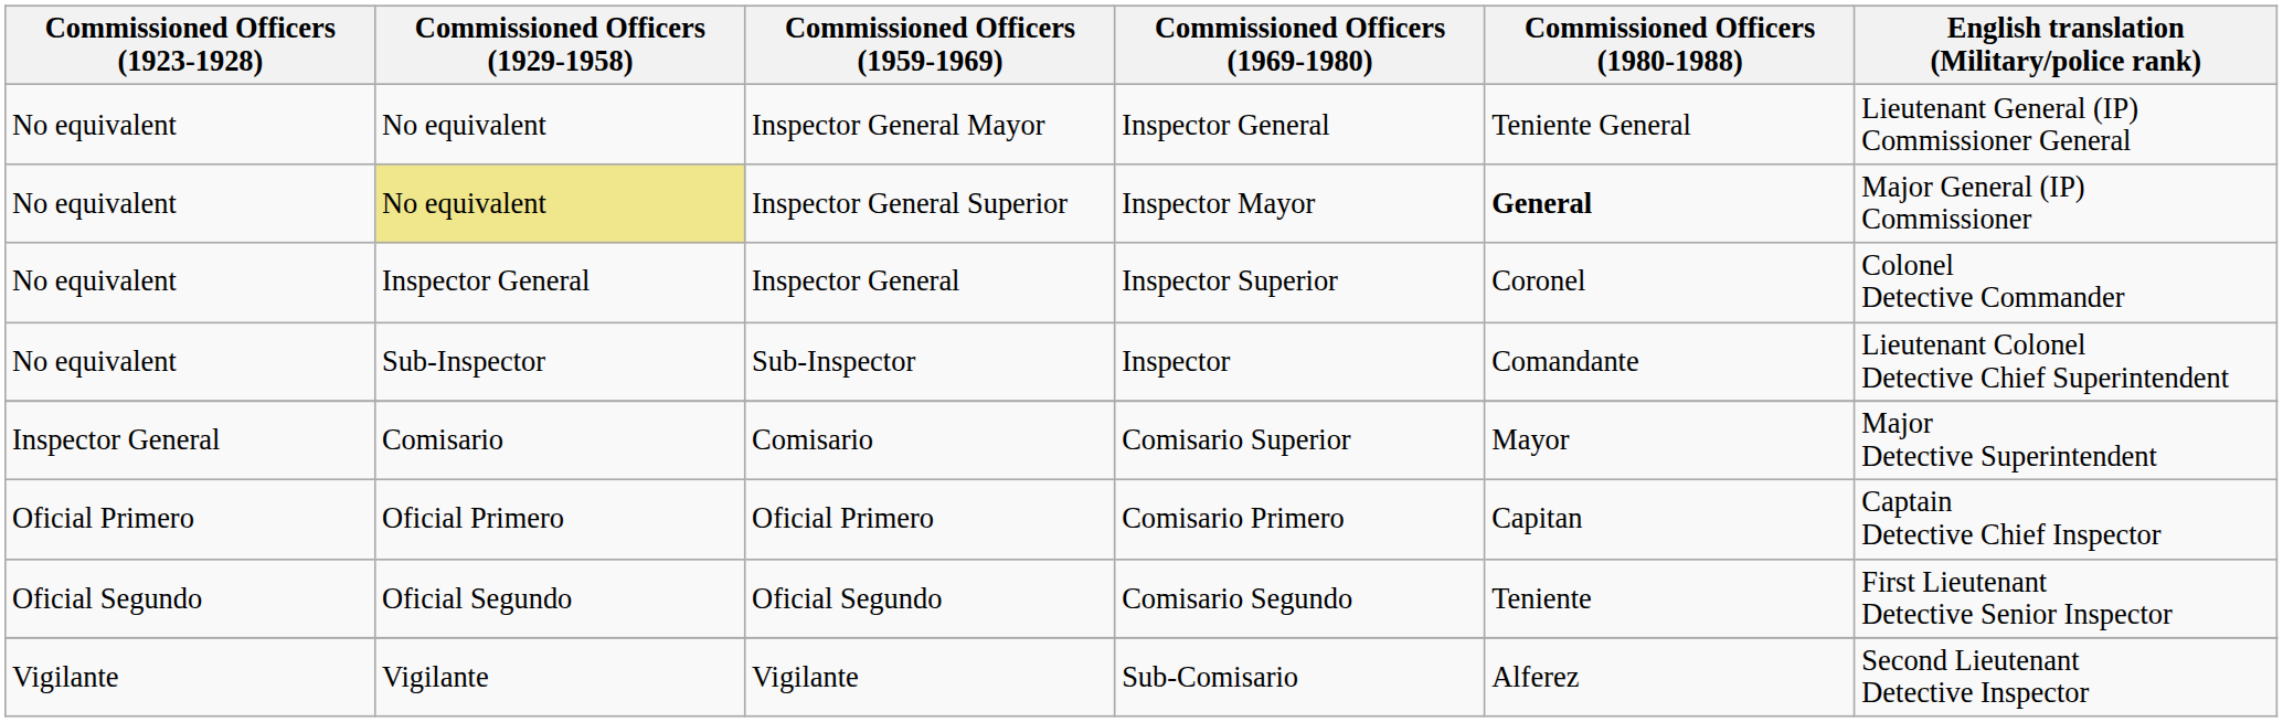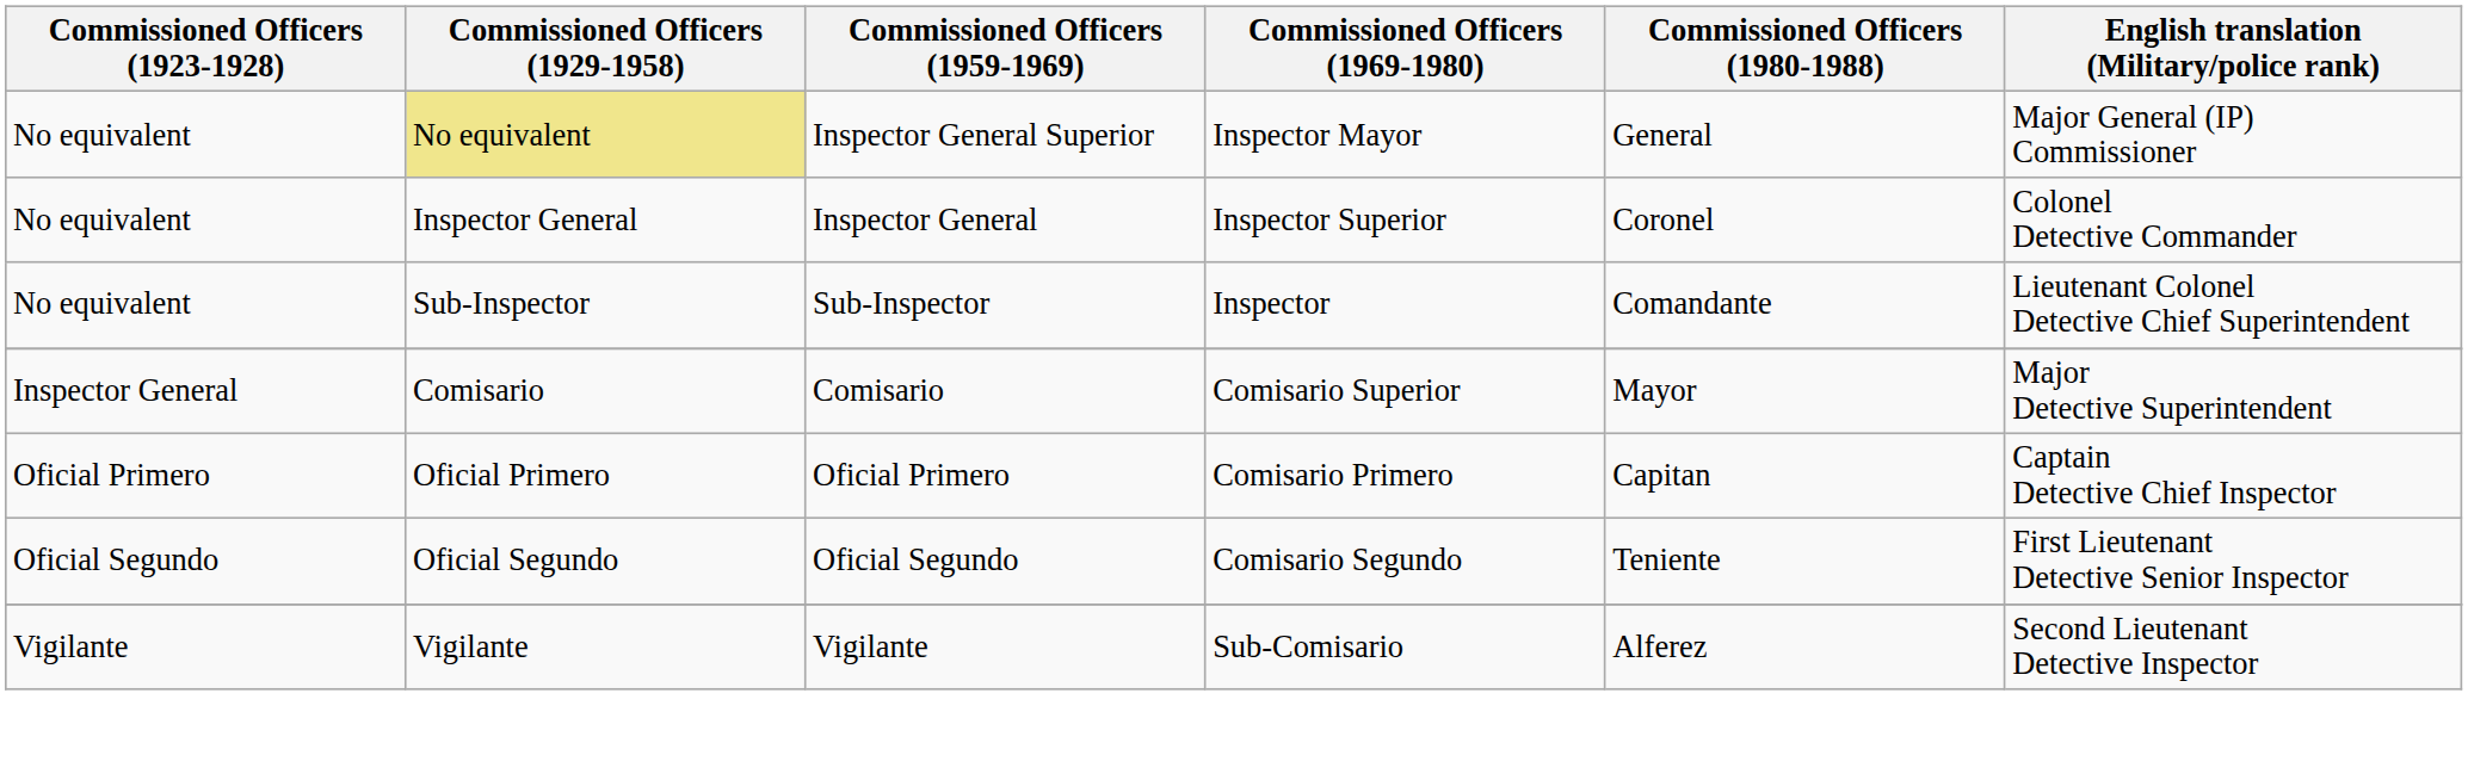 <table class="wikitable" style="display: inline-table;">
 <tr>
 <th>Commissioned Officers (1923-1928)</th>
 <th>Commissioned Officers (1929-1958)</th>
 <th>Commissioned Officers (1959-1969)</th>
 <th>Commissioned Officers (1969-1980)</th>
 <th>Commissioned Officers (1980-1988)</th>
 <th>English translation (Military/police rank)</th>
 </tr>
 <tr>
 <td>No equivalent</td>
-<td>No equivalent</td>
-<td>Inspector General Mayor</td>
-<td>Inspector General</td>
-<td>Teniente General</td>
-<td>Lieutenant General (IP)<br>Commissioner General</td>
-</tr>
-<tr>
-<td>No equivalent</td>
 <td style="background: khaki;">No equivalent</td>
 <td>Inspector General Superior</td>
 <td>Inspector Mayor</td>
-<td><strong>General</strong></td>
+<td>General</td>
 <td>Major General (IP)<br>Commissioner</td>
 </tr>
 <tr>
 <td>No equivalent</td>
 <td>Inspector General</td>
 <td>Inspector General</td>
 <td>Inspector Superior</td>
 <td>Coronel</td>
 <td>Colonel<br>Detective Commander</td>
 </tr>
 <tr>
 <td>No equivalent</td>
 <td>Sub-Inspector</td>
 <td>Sub-Inspector</td>
 <td>Inspector</td>
 <td>Comandante</td>
 <td>Lieutenant Colonel<br>Detective Chief Superintendent</td>
 </tr>
 <tr>
 </tr>
 <tr>
 <td>Inspector General</td>
 <td>Comisario</td>
 <td>Comisario</td>
 <td>Comisario Superior</td>
 <td>Mayor</td>
 <td>Major <br>Detective Superintendent</td>
 </tr>
 <tr>
 <td>Oficial Primero</td>
 <td>Oficial Primero</td>
 <td>Oficial Primero</td>
 <td>Comisario Primero</td>
 <td>Capitan</td>
 <td>Captain<br>Detective Chief Inspector</td>
 </tr>
 <tr>
 <td>Oficial Segundo</td>
 <td>Oficial Segundo</td>
 <td>Oficial Segundo</td>
 <td>Comisario Segundo</td>
 <td>Teniente</td>
 <td>First Lieutenant<br> Detective Senior Inspector</td>
 </tr>
 <tr>
 </tr>
 <tr>
 <td>Vigilante</td>
 <td>Vigilante</td>
 <td>Vigilante</td>
 <td>Sub-Comisario</td>
 <td>Alferez</td>
 <td>Second Lieutenant<br>Detective Inspector</td>
 </tr>
 </table>
